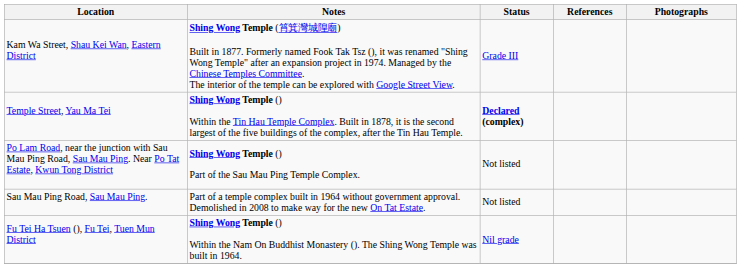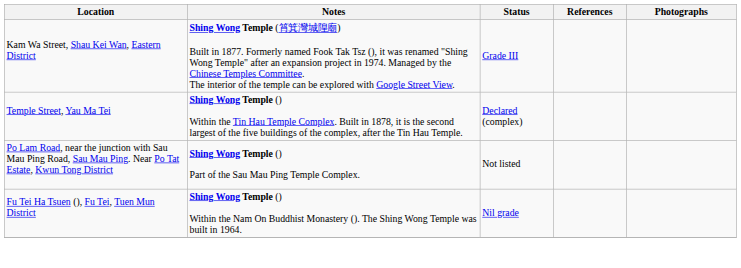 <table class="wikitable sortable" style="width:95%">
 <tr>
 <th width="25%">Location</th>
 <th width="40%">Notes</th>
 <th width="10%">Status</th>
 <th width="10%">References</th>
 <th width="15%">Photographs</th>
 </tr>
 <tr>
 <td>Kam Wa Street, <a href='#'>Shau Kei Wan</a>, <a href='#'>Eastern District</a><br><br></td>
 <td><strong><a href='#'>Shing Wong</a> Temple</strong> (<a href='#'>筲箕灣城隍廟</a>)<br><br>Built in 1877. Formerly named Fook Tak Tsz (), it was renamed "Shing Wong Temple" after an expansion project in 1974. Managed by the <a href='#'>Chinese Temples Committee</a>.<br> The interior of the temple can be explored with <a href='#'>Google Street View</a>.</td>
 <td><a href='#'>Grade III</a></td>
 <td>   </td>
 <td></td>
 </tr>
 <tr>
 <td><a href='#'>Temple Street</a>, <a href='#'>Yau Ma Tei</a><br><br></td>
 <td><strong><a href='#'>Shing Wong</a> Temple</strong> ()<br><br>Within the <a href='#'>Tin Hau Temple Complex</a>. Built in 1878, it is the second largest of the five buildings of the complex, after the Tin Hau Temple.</td>
-<td><strong><a href='#'>Declared</a><br>(complex)</strong></td>
+<td><a href='#'>Declared</a><br>(complex)</td>
 <td>     </td>
 <td></td>
 </tr>
 <tr>
 <td><a href='#'>Po Lam Road</a>, near the junction with Sau Mau Ping Road, <a href='#'>Sau Mau Ping</a>. Near <a href='#'>Po Tat Estate</a>, <a href='#'>Kwun Tong District</a><br><br></td>
 <td><strong><a href='#'>Shing Wong</a> Temple</strong> ()<br><br>Part of the Sau Mau Ping Temple Complex.</td>
 <td>Not listed</td>
 <td> </td>
-<td></td>
-</tr>
-<tr>
-<td>Sau Mau Ping Road, <a href='#'>Sau Mau Ping</a>.<br><br></td>
-<td>Part of a temple complex built in 1964 without government approval. Demolished in 2008 to make way for the new <a href='#'>On Tat Estate</a>.</td>
-<td>Not listed</td>
-<td>     </td>
 <td></td>
 </tr>
 <tr>
 <td><a href='#'>Fu Tei Ha Tsuen</a> (), <a href='#'>Fu Tei</a>, <a href='#'>Tuen Mun District</a><br><br></td>
 <td><strong><a href='#'>Shing Wong</a> Temple</strong> ()<br><br>Within the Nam On Buddhist Monastery (). The Shing Wong Temple was built in 1964.</td>
 <td><a href='#'>Nil grade</a></td>
 <td> </td>
 <td></td>
 </tr>
 <tr>
 </tr>
 </table>
